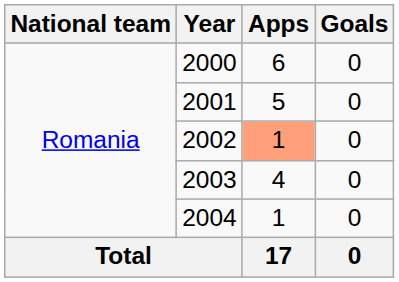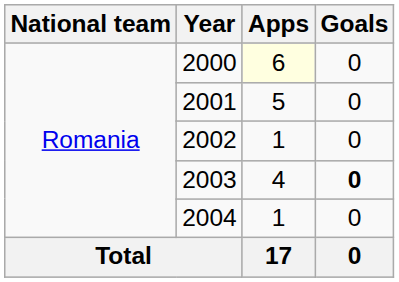 <table class="wikitable" style="text-align:center">
 <tr>
 <th>National team</th>
 <th>Year</th>
 <th>Apps</th>
 <th>Goals</th>
 </tr>
 <tr>
 <td rowspan="5"><a href='#'>Romania</a></td>
 <td>2000</td>
-<td>6</td>
+<td style="background: lightyellow;">6</td>
 <td>0</td>
 </tr>
 <tr>
 <td>2001</td>
 <td>5</td>
 <td>0</td>
 </tr>
 <tr>
 <td>2002</td>
-<td style="background: lightsalmon;">1</td>
+<td>1</td>
 <td>0</td>
 </tr>
 <tr>
 <td>2003</td>
 <td>4</td>
-<td>0</td>
+<td><strong>0</strong></td>
 </tr>
 <tr>
 <td>2004</td>
 <td>1</td>
 <td>0</td>
 </tr>
 <tr>
 <th colspan="2">Total</th>
 <th>17</th>
 <th>0</th>
 </tr>
 </table>
